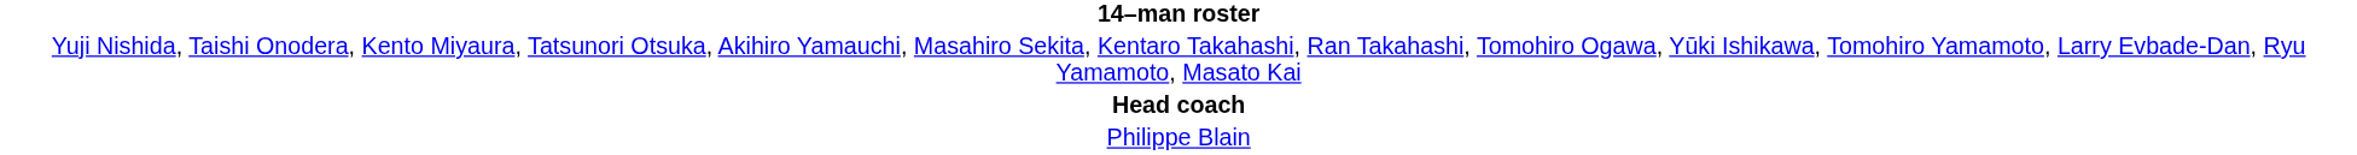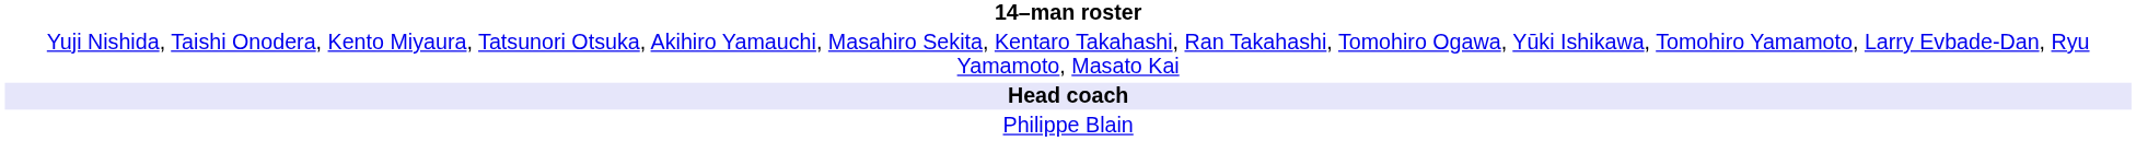 <table style="text-align:center; margin-top:2em; margin-left:auto; margin-right:auto">
 <tr>
 <td><strong>14–man roster</strong></td>
 </tr>
 <tr>
 <td><a href='#'>Yuji Nishida</a>, <a href='#'>Taishi Onodera</a>, <a href='#'>Kento Miyaura</a>, <a href='#'>Tatsunori Otsuka</a>, <a href='#'>Akihiro Yamauchi</a>, <a href='#'>Masahiro Sekita</a>, <a href='#'>Kentaro Takahashi</a>, <a href='#'>Ran Takahashi</a>, <a href='#'>Tomohiro Ogawa</a>, <a href='#'>Yūki Ishikawa</a>, <a href='#'>Tomohiro Yamamoto</a>, <a href='#'>Larry Evbade-Dan</a>, <a href='#'>Ryu Yamamoto</a>, <a href='#'>Masato Kai</a></td>
 </tr>
 <tr>
-<td><strong>Head coach</strong></td>
+<td style="background: lavender;"><strong>Head coach</strong></td>
 </tr>
 <tr>
 <td> <a href='#'>Philippe Blain</a></td>
 </tr>
 </table>
